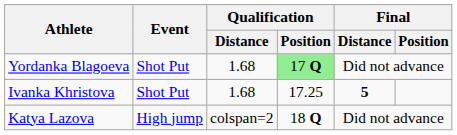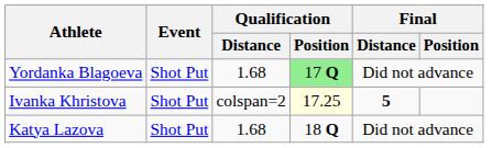 <table class=wikitable style="font-size:90%">
 <tr>
 <th rowspan="2">Athlete</th>
 <th rowspan="2">Event</th>
 <th colspan="2">Qualification</th>
 <th colspan="2">Final</th>
 </tr>
 <tr style="font-size:95%">
 <th>Distance</th>
 <th>Position</th>
 <th>Distance</th>
 <th>Position</th>
 </tr>
 <tr align=center>
 <td align=left><a href='#'>Yordanka Blagoeva</a></td>
 <td align=left><a href='#'>Shot Put</a></td>
 <td>1.68</td>
 <td style="background: lightgreen;">17 <strong>Q</strong></td>
 <td colspan=2>Did not advance</td>
 </tr>
 <tr align=center>
 <td align=left><a href='#'>Ivanka Khristova</a></td>
 <td align=left><a href='#'>Shot Put</a></td>
-<td>1.68</td>
-<td>17.25</td>
+<td>colspan=2 </td>
+<td style="background: lightyellow;">17.25</td>
 <td><strong>5</strong></td>
 </tr>
 <tr align=center>
 <td align=left><a href='#'>Katya Lazova</a></td>
-<td align=left><a href='#'>High jump</a></td>
-<td>colspan=2 </td>
+<td align=left><a href='#'>Shot Put</a></td>
+<td>1.68</td>
 <td>18 <strong>Q</strong></td>
 <td colspan=2>Did not advance</td>
 </tr>
 </table>
